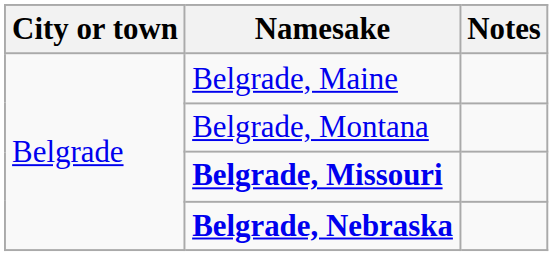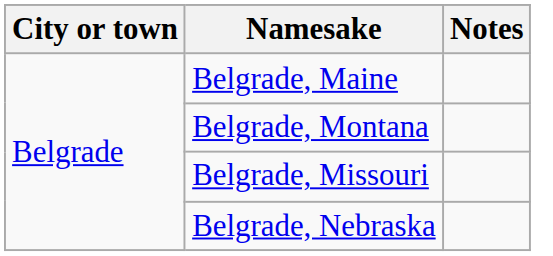 <table class="wikitable">
 <tr>
 <th>City or town</th>
 <th>Namesake</th>
 <th>Notes</th>
 </tr>
 <tr>
 <td rowspan="4"><a href='#'>Belgrade</a></td>
 <td><a href='#'>Belgrade, Maine</a></td>
 <td></td>
 </tr>
 <tr>
 <td><a href='#'>Belgrade, Montana</a></td>
 <td></td>
 </tr>
 <tr>
-<td><strong><a href='#'>Belgrade, Missouri</a></strong></td>
+<td><a href='#'>Belgrade, Missouri</a></td>
 <td></td>
 </tr>
 <tr>
-<td><strong><a href='#'>Belgrade, Nebraska</a></strong></td>
+<td><a href='#'>Belgrade, Nebraska</a></td>
 <td></td>
 </tr>
 </table>
